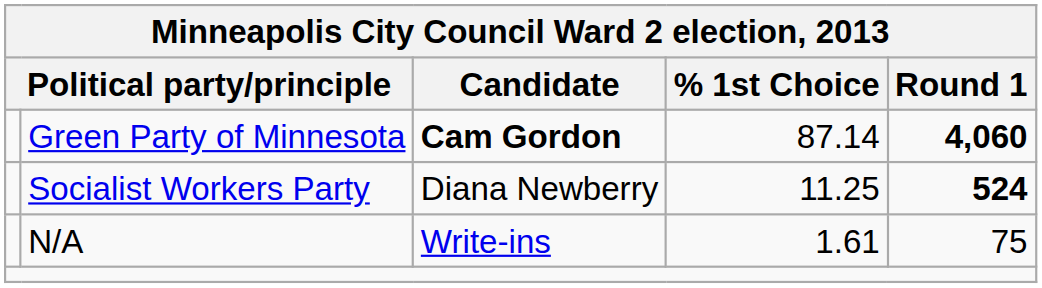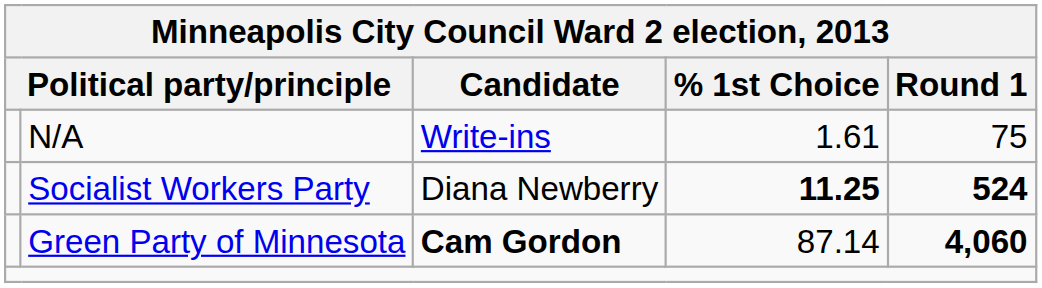 <table class="wikitable" style="font-size:95%">
 <tr>
 <th colspan="5">Minneapolis City Council Ward 2 election, 2013</th>
 </tr>
 <tr>
 <th colspan="2">Political party/principle</th>
 <th>Candidate</th>
 <th>% 1st Choice</th>
 <th>Round 1</th>
 </tr>
 <tr>
 <td style="background-color:"></td>
+<td>N/A</td>
+<td><a href='#'>Write-ins</a></td>
+<td align="right">1.61</td>
+<td align="right">75</td>
+</tr>
+<tr>
+<td style="background-color:"></td>
+<td><a href='#'>Socialist Workers Party</a></td>
+<td>Diana Newberry</td>
+<td align="right"><strong>11.25</strong></td>
+<td align="right"><strong>524</strong></td>
+</tr>
+<tr>
+<td style="background-color:"></td>
 <td><a href='#'>Green Party of Minnesota</a></td>
 <td><strong>Cam Gordon</strong></td>
 <td align="right">87.14</td>
 <td align="right"><strong>4,060</strong></td>
 </tr>
 <tr>
-<td style="background-color:"></td>
-<td><a href='#'>Socialist Workers Party</a></td>
-<td>Diana Newberry</td>
-<td align="right">11.25</td>
-<td align="right"><strong>524</strong></td>
-</tr>
-<tr>
-<td style="background-color:"></td>
-<td>N/A</td>
-<td><a href='#'>Write-ins</a></td>
-<td align="right">1.61</td>
-<td align="right">75</td>
-</tr>
-<tr>
 <td colspan="5"></td>
 </tr>
 </table>
